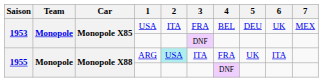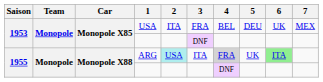 <table class="wikitable" style="text-align:center; font-size:85%;">
 <tr class="background color5">
 <th>Saison</th>
 <th>Team</th>
 <th>Car</th>
 <th style="width:2.5em">1</th>
 <th style="width:2.5em">2</th>
 <th style="width:2.5em">3</th>
 <th style="width:2.5em">4</th>
 <th style="width:2.5em">5</th>
 <th style="width:2.5em">6</th>
 <th style="width:2.5em">7</th>
 </tr>
 <tr>
 <th rowspan="2"><a href='#'>1953</a></th>
 <th rowspan="2"><a href='#'>Monopole</a></th>
 <th rowspan="2">Monopole X85</th>
 <td><a href='#'>USA</a></td>
 <td><a href='#'>ITA</a></td>
 <td><a href='#'>FRA</a></td>
 <td><a href='#'>BEL</a></td>
 <td><a href='#'>DEU</a></td>
 <td><a href='#'>UK</a></td>
 <td><a href='#'>MEX</a></td>
 </tr>
 <tr>
 <td></td>
 <td></td>
 <td style="background:#EFCFFF;"><small>DNF</small></td>
 <td></td>
 <td></td>
 <td></td>
 <td></td>
 </tr>
 <tr>
 <th rowspan="2"><a href='#'>1955</a></th>
 <th rowspan="2">Monopole</th>
 <th rowspan="2">Monopole X88</th>
 <td><a href='#'>ARG</a></td>
 <td style="background: paleturquoise;"><a href='#'>USA</a></td>
 <td><a href='#'>ITA</a></td>
-<td><a href='#'>FRA</a></td>
+<td style="background: lightgrey;"><a href='#'>FRA</a></td>
 <td><a href='#'>UK</a></td>
-<td><a href='#'>ITA</a></td>
+<td style="background: lightgreen;"><a href='#'>ITA</a></td>
 <td></td>
 </tr>
 <tr>
 <td></td>
 <td></td>
 <td></td>
 <td style="background:#EFCFFF;"><small>DNF</small></td>
 <td></td>
 <td></td>
 <td></td>
 </tr>
 </table>
